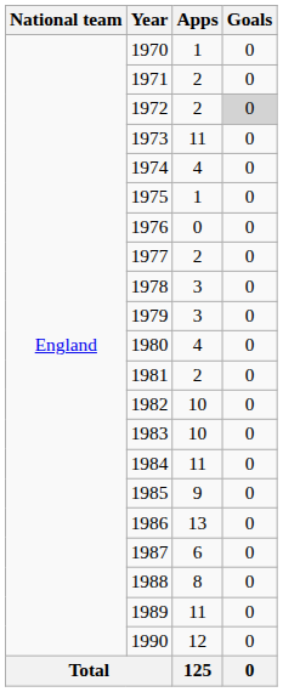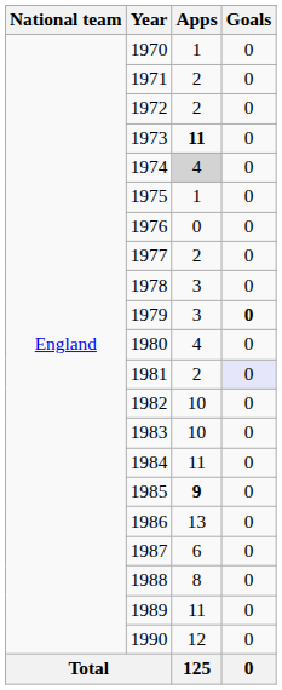 <table class="wikitable" style="text-align:center">
 <tr>
 <th>National team</th>
 <th>Year</th>
 <th>Apps</th>
 <th>Goals</th>
 </tr>
 <tr>
 <td rowspan="21"><a href='#'>England</a></td>
 <td>1970</td>
 <td>1</td>
 <td>0</td>
 </tr>
 <tr>
 <td>1971</td>
 <td>2</td>
 <td>0</td>
 </tr>
 <tr>
 <td>1972</td>
 <td>2</td>
-<td style="background: lightgrey;">0</td>
+<td>0</td>
 </tr>
 <tr>
 <td>1973</td>
-<td>11</td>
+<td><strong>11</strong></td>
 <td>0</td>
 </tr>
 <tr>
 <td>1974</td>
-<td>4</td>
+<td style="background: lightgrey;">4</td>
 <td>0</td>
 </tr>
 <tr>
 <td>1975</td>
 <td>1</td>
 <td>0</td>
 </tr>
 <tr>
 <td>1976</td>
 <td>0</td>
 <td>0</td>
 </tr>
 <tr>
 <td>1977</td>
 <td>2</td>
 <td>0</td>
 </tr>
 <tr>
 <td>1978</td>
 <td>3</td>
 <td>0</td>
 </tr>
 <tr>
 <td>1979</td>
 <td>3</td>
-<td>0</td>
+<td><strong>0</strong></td>
 </tr>
 <tr>
 <td>1980</td>
 <td>4</td>
 <td>0</td>
 </tr>
 <tr>
 <td>1981</td>
 <td>2</td>
-<td>0</td>
+<td style="background: lavender;">0</td>
 </tr>
 <tr>
 <td>1982</td>
 <td>10</td>
 <td>0</td>
 </tr>
 <tr>
 <td>1983</td>
 <td>10</td>
 <td>0</td>
 </tr>
 <tr>
 <td>1984</td>
 <td>11</td>
 <td>0</td>
 </tr>
 <tr>
 <td>1985</td>
-<td>9</td>
+<td><strong>9</strong></td>
 <td>0</td>
 </tr>
 <tr>
 <td>1986</td>
 <td>13</td>
 <td>0</td>
 </tr>
 <tr>
 <td>1987</td>
 <td>6</td>
 <td>0</td>
 </tr>
 <tr>
 <td>1988</td>
 <td>8</td>
 <td>0</td>
 </tr>
 <tr>
 <td>1989</td>
 <td>11</td>
 <td>0</td>
 </tr>
 <tr>
 <td>1990</td>
 <td>12</td>
 <td>0</td>
 </tr>
 <tr>
 <th colspan="2">Total</th>
 <th>125</th>
 <th>0</th>
 </tr>
 </table>
